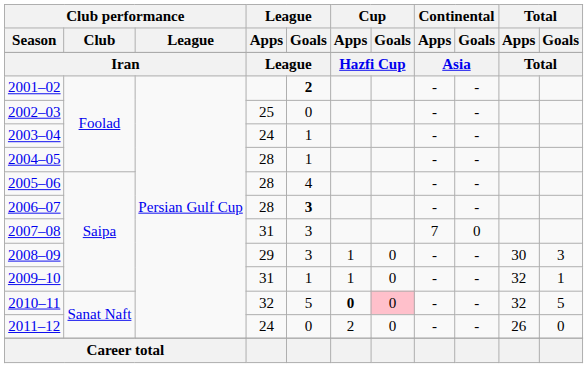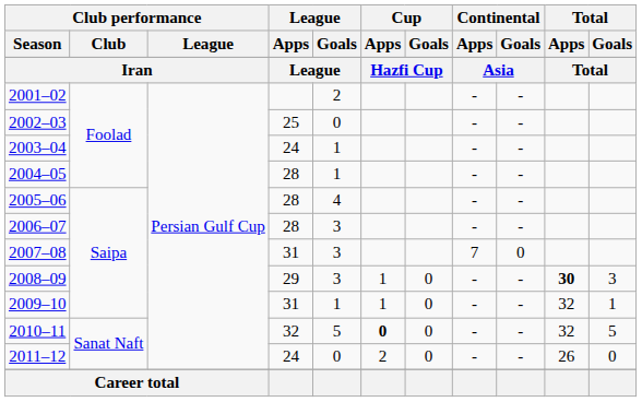 <table class="wikitable" style="text-align:center">
 <tr>
 <th colspan=3>Club performance</th>
 <th colspan=2>League</th>
 <th colspan=2>Cup</th>
 <th colspan=2>Continental</th>
 <th colspan=2>Total</th>
 </tr>
 <tr>
 <th>Season</th>
 <th>Club</th>
 <th>League</th>
 <th>Apps</th>
 <th>Goals</th>
 <th>Apps</th>
 <th>Goals</th>
 <th>Apps</th>
 <th>Goals</th>
 <th>Apps</th>
 <th>Goals</th>
 </tr>
 <tr>
 </tr>
 <tr>
 <th colspan=3>Iran</th>
 <th colspan=2>League</th>
 <th colspan=2><a href='#'>Hazfi Cup</a></th>
 <th colspan=2><a href='#'>Asia</a></th>
 <th colspan=2>Total</th>
 </tr>
 <tr>
 <td><a href='#'>2001–02</a></td>
 <td rowspan="4"><a href='#'>Foolad</a></td>
 <td rowspan="11"><a href='#'>Persian Gulf Cup</a></td>
 <td></td>
-<td><strong>2</strong></td>
+<td>2</td>
 <td></td>
 <td></td>
 <td>-</td>
 <td>-</td>
 <td></td>
 <td></td>
 </tr>
 <tr>
 <td><a href='#'>2002–03</a></td>
 <td>25</td>
 <td>0</td>
 <td></td>
 <td></td>
 <td>-</td>
 <td>-</td>
 <td></td>
 <td></td>
 </tr>
 <tr>
 <td><a href='#'>2003–04</a></td>
 <td>24</td>
 <td>1</td>
 <td></td>
 <td></td>
 <td>-</td>
 <td>-</td>
 <td></td>
 <td></td>
 </tr>
 <tr>
 <td><a href='#'>2004–05</a></td>
 <td>28</td>
 <td>1</td>
 <td></td>
 <td></td>
 <td>-</td>
 <td>-</td>
 <td></td>
 <td></td>
 </tr>
 <tr>
 <td><a href='#'>2005–06</a></td>
 <td rowspan="5"><a href='#'>Saipa</a></td>
 <td>28</td>
 <td>4</td>
 <td></td>
 <td></td>
 <td>-</td>
 <td>-</td>
 <td></td>
 <td></td>
 </tr>
 <tr>
 <td><a href='#'>2006–07</a></td>
 <td>28</td>
-<td><strong>3</strong></td>
+<td>3</td>
 <td></td>
 <td></td>
 <td>-</td>
 <td>-</td>
 <td></td>
 <td></td>
 </tr>
 <tr>
 <td><a href='#'>2007–08</a></td>
 <td>31</td>
 <td>3</td>
 <td></td>
 <td></td>
 <td>7</td>
 <td>0</td>
 <td></td>
 <td></td>
 </tr>
 <tr>
 <td><a href='#'>2008–09</a></td>
 <td>29</td>
 <td>3</td>
 <td>1</td>
 <td>0</td>
 <td>-</td>
 <td>-</td>
-<td>30</td>
+<td><strong>30</strong></td>
 <td>3</td>
 </tr>
 <tr>
 <td><a href='#'>2009–10</a></td>
 <td>31</td>
 <td>1</td>
 <td>1</td>
 <td>0</td>
 <td>-</td>
 <td>-</td>
 <td>32</td>
 <td>1</td>
 </tr>
 <tr>
 <td><a href='#'>2010–11</a></td>
 <td rowspan="2"><a href='#'>Sanat Naft</a></td>
 <td>32</td>
 <td>5</td>
 <td><strong>0</strong></td>
-<td style="background: pink;">0</td>
+<td>0</td>
 <td>-</td>
 <td>-</td>
 <td>32</td>
 <td>5</td>
 </tr>
 <tr>
 <td><a href='#'>2011–12</a></td>
 <td>24</td>
 <td>0</td>
 <td>2</td>
 <td>0</td>
 <td>-</td>
 <td>-</td>
 <td>26</td>
 <td>0</td>
 </tr>
 <tr>
 </tr>
 <tr>
 <th colspan=3>Career total</th>
 <th></th>
 <th></th>
 <th></th>
 <th></th>
 <th></th>
 <th></th>
 <th></th>
 <th></th>
 </tr>
 </table>
